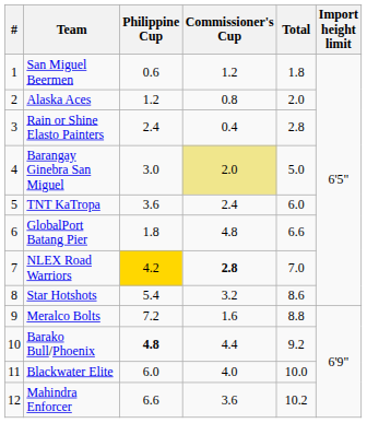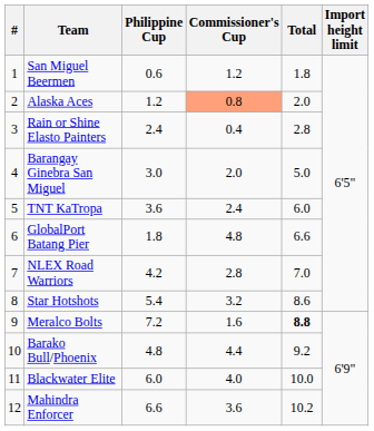 <table class=wikitable width=50% style="text-align:center;">
 <tr>
 <th>#</th>
 <th width=45%>Team</th>
 <th width=15%>Philippine Cup</th>
 <th width=15%>Commissioner's Cup</th>
 <th width=15%>Total</th>
 <th width=20%>Import height limit</th>
 </tr>
 <tr>
 <td>1</td>
 <td align=left><a href='#'>San Miguel Beermen</a></td>
 <td>0.6</td>
 <td>1.2</td>
 <td>1.8</td>
 <td rowspan=8>6'5"</td>
 </tr>
 <tr>
 <td>2</td>
 <td align=left><a href='#'>Alaska Aces</a></td>
 <td>1.2</td>
-<td>0.8</td>
+<td style="background: lightsalmon;">0.8</td>
 <td>2.0</td>
 </tr>
 <tr>
 <td>3</td>
 <td align=left><a href='#'>Rain or Shine Elasto Painters</a></td>
 <td>2.4</td>
 <td>0.4</td>
 <td>2.8</td>
 </tr>
 <tr>
 <td>4</td>
 <td align=left><a href='#'>Barangay Ginebra San Miguel</a></td>
 <td>3.0</td>
-<td style="background: khaki;">2.0</td>
+<td>2.0</td>
 <td>5.0</td>
 </tr>
 <tr>
 <td>5</td>
 <td align=left><a href='#'>TNT KaTropa</a></td>
 <td>3.6</td>
 <td>2.4</td>
 <td>6.0</td>
 </tr>
 <tr>
 <td>6</td>
 <td align=left><a href='#'>GlobalPort Batang Pier</a></td>
 <td>1.8</td>
 <td>4.8</td>
 <td>6.6</td>
 </tr>
 <tr>
 <td>7</td>
 <td align=left><a href='#'>NLEX Road Warriors</a></td>
-<td style="background: gold;">4.2</td>
-<td><strong>2.8</strong></td>
+<td>4.2</td>
+<td>2.8</td>
 <td>7.0</td>
 </tr>
 <tr>
 <td>8</td>
 <td align=left><a href='#'>Star Hotshots</a></td>
 <td>5.4</td>
 <td>3.2</td>
 <td>8.6</td>
 </tr>
 <tr>
 <td>9</td>
 <td align=left><a href='#'>Meralco Bolts</a></td>
 <td>7.2</td>
 <td>1.6</td>
-<td>8.8</td>
+<td><strong>8.8</strong></td>
 <td rowspan=4>6'9"</td>
 </tr>
 <tr>
 <td>10</td>
 <td align=left><a href='#'>Barako Bull</a>/<a href='#'>Phoenix</a></td>
-<td><strong>4.8</strong></td>
+<td>4.8</td>
 <td>4.4</td>
 <td>9.2</td>
 </tr>
 <tr>
 <td>11</td>
 <td align=left><a href='#'>Blackwater Elite</a></td>
 <td>6.0</td>
 <td>4.0</td>
 <td>10.0</td>
 </tr>
 <tr>
 <td>12</td>
 <td align=left><a href='#'>Mahindra Enforcer</a></td>
 <td>6.6</td>
 <td>3.6</td>
 <td>10.2</td>
 </tr>
 </table>
